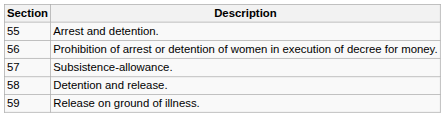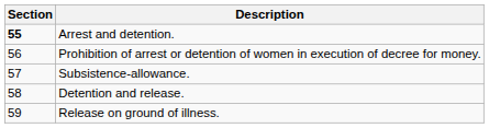 <table class="wikitable">
 <tr>
 <th>Section</th>
 <th>Description</th>
 </tr>
 <tr>
-<td>55</td>
+<td><strong>55</strong></td>
 <td>Arrest and detention.</td>
 </tr>
 <tr>
 <td>56</td>
 <td>Prohibition of arrest or detention of women in execution of decree for money.</td>
 </tr>
 <tr>
 <td>57</td>
 <td>Subsistence-allowance.</td>
 </tr>
 <tr>
 <td>58</td>
 <td>Detention and release.</td>
 </tr>
 <tr>
 <td>59</td>
 <td>Release on ground of illness.</td>
 </tr>
 </table>
